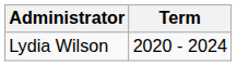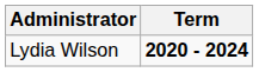 <table class="wikitable">
 <tr>
 <th>Administrator</th>
 <th>Term</th>
 </tr>
 <tr>
 <td>Lydia Wilson</td>
-<td>2020 - 2024</td>
+<td><strong>2020 - 2024</strong></td>
 </tr>
 </table>
